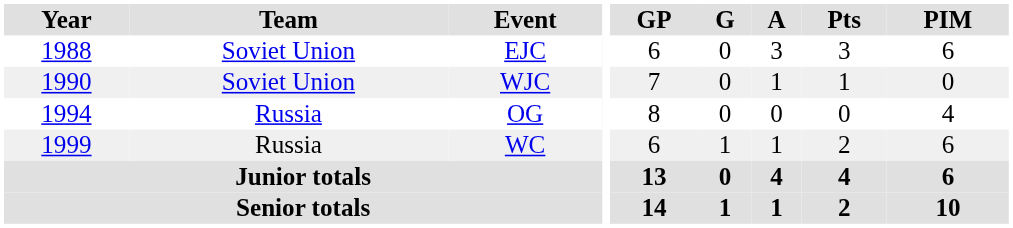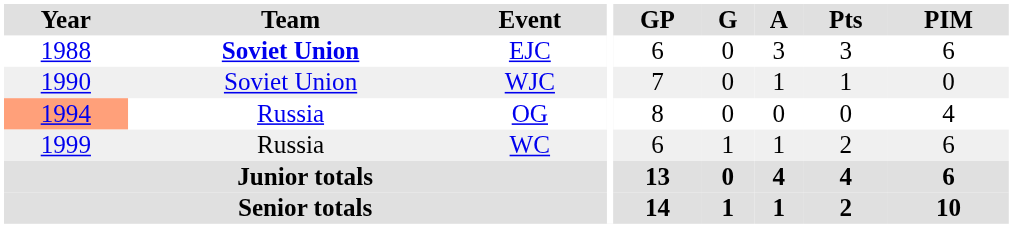 <table border="0" cellpadding="1" cellspacing="0" ID="Table3" style="text-align:center; width:40em">
 <tr ALIGN="center" bgcolor="#e0e0e0">
 <th>Year</th>
 <th>Team</th>
 <th>Event</th>
 <th rowspan="99" bgcolor="#ffffff"></th>
 <th>GP</th>
 <th>G</th>
 <th>A</th>
 <th>Pts</th>
 <th>PIM</th>
 </tr>
 <tr>
 <td><a href='#'>1988</a></td>
-<td><a href='#'>Soviet Union</a></td>
+<td><strong><a href='#'>Soviet Union</a></strong></td>
 <td><a href='#'>EJC</a></td>
 <td>6</td>
 <td>0</td>
 <td>3</td>
 <td>3</td>
 <td>6</td>
 </tr>
 <tr bgcolor="#f0f0f0">
 <td><a href='#'>1990</a></td>
 <td><a href='#'>Soviet Union</a></td>
 <td><a href='#'>WJC</a></td>
 <td>7</td>
 <td>0</td>
 <td>1</td>
 <td>1</td>
 <td>0</td>
 </tr>
 <tr>
-<td><a href='#'>1994</a></td>
+<td style="background: lightsalmon;"><a href='#'>1994</a></td>
 <td><a href='#'>Russia</a></td>
 <td><a href='#'>OG</a></td>
 <td>8</td>
 <td>0</td>
 <td>0</td>
 <td>0</td>
 <td>4</td>
 </tr>
 <tr bgcolor="#f0f0f0">
 <td><a href='#'>1999</a></td>
 <td>Russia</td>
 <td><a href='#'>WC</a></td>
 <td>6</td>
 <td>1</td>
 <td>1</td>
 <td>2</td>
 <td>6</td>
 </tr>
 <tr bgcolor="#e0e0e0">
 <th colspan=3>Junior totals</th>
 <th>13</th>
 <th>0</th>
 <th>4</th>
 <th>4</th>
 <th>6</th>
 </tr>
 <tr bgcolor="#e0e0e0">
 <th colspan=3>Senior totals</th>
 <th>14</th>
 <th>1</th>
 <th>1</th>
 <th>2</th>
 <th>10</th>
 </tr>
 </table>
